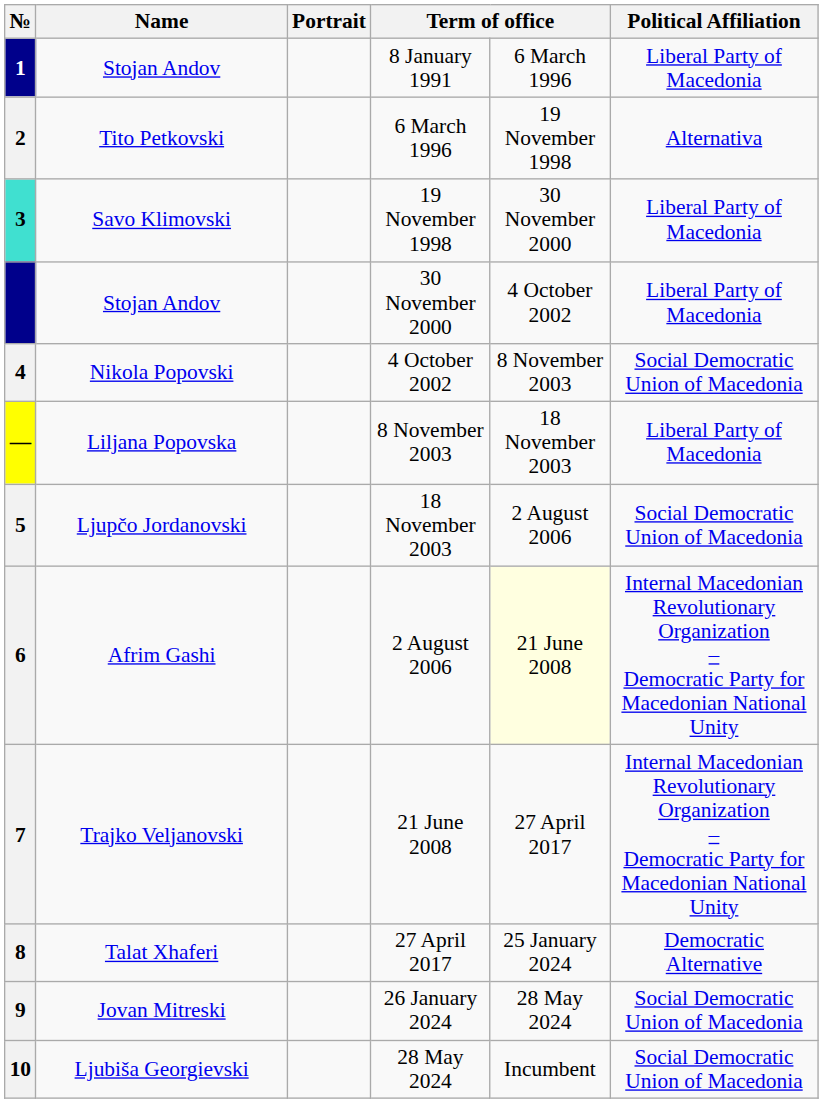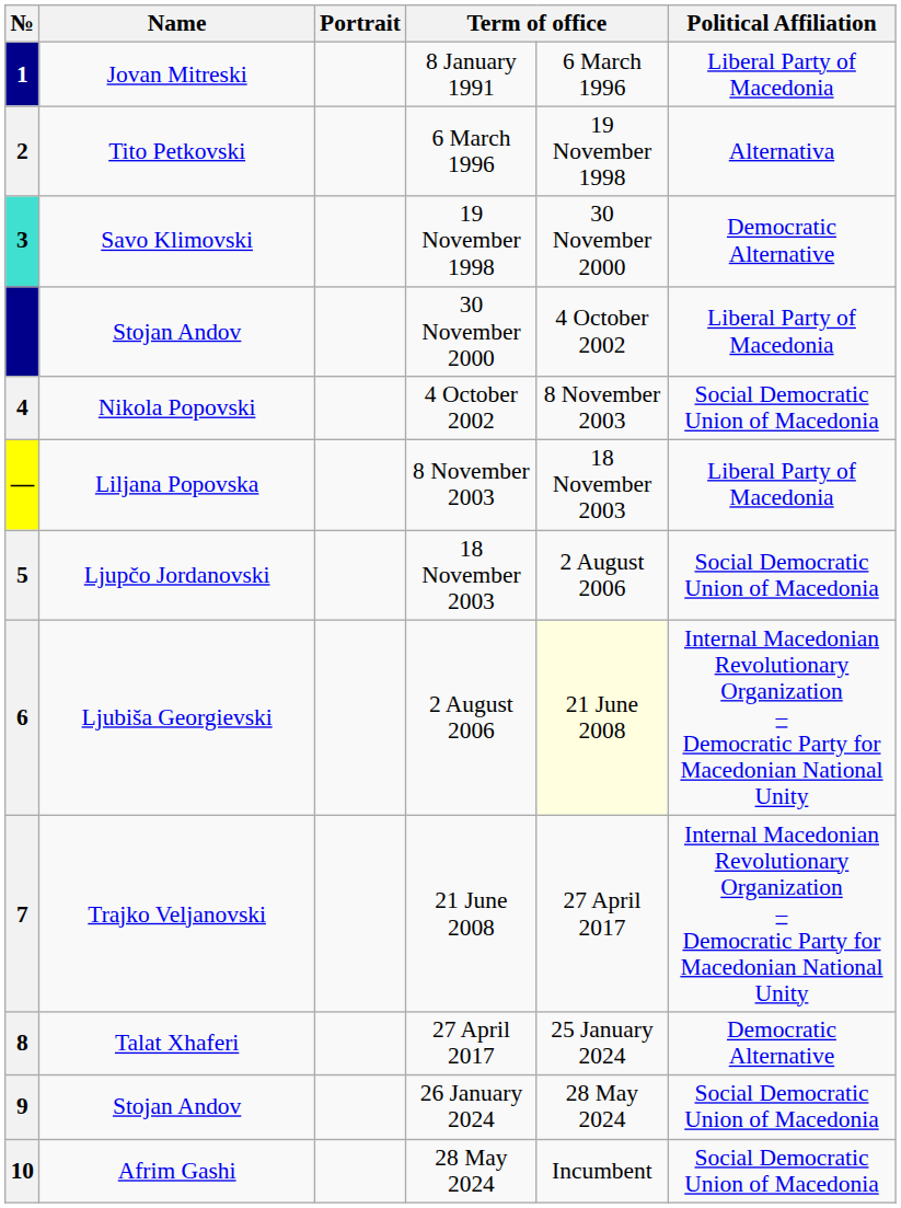 <table class="wikitable" style="text-align:center">
 <tr>
 <th>№</th>
 <th width=180>Name<br></th>
 <th>Portrait</th>
 <th colspan=2>Term of office</th>
 <th>Political Affiliation</th>
 </tr>
 <tr>
 <th style="background:Darkblue; color:white;">1</th>
-<td><a href='#'>Stojan Andov</a><br></td>
+<td><a href='#'>Jovan Mitreski</a><br></td>
 <td></td>
 <td>8 January 1991</td>
 <td>6 March 1996</td>
 <td><a href='#'>Liberal Party of Macedonia</a></td>
 </tr>
 <tr>
 <th style="background:">2</th>
 <td><a href='#'>Tito Petkovski</a><br></td>
 <td></td>
 <td>6 March 1996</td>
 <td>19 November 1998</td>
 <td><a href='#'>Alternativa</a></td>
 </tr>
 <tr>
 <th style="background:Turquoise; color:black;">3</th>
 <td><a href='#'>Savo Klimovski</a><br></td>
 <td></td>
 <td>19 November 1998</td>
 <td>30 November 2000</td>
-<td><a href='#'>Liberal Party of Macedonia</a></td>
+<td><a href='#'>Democratic Alternative</a></td>
 </tr>
 <tr>
 <th style="background:Darkblue; color:white;"></th>
 <td><a href='#'>Stojan Andov</a><br></td>
 <td></td>
 <td>30 November 2000</td>
 <td>4 October 2002</td>
 <td><a href='#'>Liberal Party of Macedonia</a></td>
 </tr>
 <tr>
 <th style="background:">4</th>
 <td><a href='#'>Nikola Popovski</a><br></td>
 <td></td>
 <td>4 October 2002</td>
 <td>8 November 2003</td>
 <td><a href='#'>Social Democratic Union of Macedonia</a></td>
 </tr>
 <tr>
 <th style="background:Yellow; color:black;">—</th>
 <td><a href='#'>Liljana Popovska</a><br></td>
 <td></td>
 <td>8 November 2003</td>
 <td>18 November 2003</td>
 <td><a href='#'>Liberal Party of Macedonia</a></td>
 </tr>
 <tr>
 <th style="background:">5</th>
 <td><a href='#'>Ljupčo Jordanovski</a><br></td>
 <td></td>
 <td>18 November 2003</td>
 <td>2 August 2006</td>
 <td><a href='#'>Social Democratic Union of Macedonia</a></td>
 </tr>
 <tr>
 <th style="background:">6</th>
-<td><a href='#'>Afrim Gashi</a><br></td>
+<td><a href='#'>Ljubiša Georgievski</a><br></td>
 <td></td>
 <td>2 August 2006</td>
 <td style="background: lightyellow;">21 June 2008</td>
 <td><a href='#'>Internal Macedonian Revolutionary Organization<br>–<br>Democratic Party for Macedonian National Unity</a></td>
 </tr>
 <tr>
 <th style="background:">7</th>
 <td><a href='#'>Trajko Veljanovski</a><br></td>
 <td></td>
 <td>21 June 2008</td>
 <td>27 April 2017</td>
 <td><a href='#'>Internal Macedonian Revolutionary Organization<br>–<br>Democratic Party for Macedonian National Unity</a></td>
 </tr>
 <tr>
 <th style="background:">8</th>
 <td><a href='#'>Talat Xhaferi</a><br></td>
 <td></td>
 <td>27 April 2017</td>
 <td>25 January 2024</td>
 <td><a href='#'>Democratic Alternative</a></td>
 </tr>
 <tr>
 <th style="background:">9</th>
-<td><a href='#'>Jovan Mitreski</a><br></td>
+<td><a href='#'>Stojan Andov</a><br></td>
 <td></td>
 <td>26 January 2024</td>
 <td>28 May 2024</td>
 <td><a href='#'>Social Democratic Union of Macedonia</a></td>
 </tr>
 <tr>
 <th style="background:">10</th>
-<td><a href='#'>Ljubiša Georgievski</a><br></td>
+<td><a href='#'>Afrim Gashi</a><br></td>
 <td></td>
 <td>28 May 2024</td>
 <td>Incumbent</td>
 <td><a href='#'>Social Democratic Union of Macedonia</a></td>
 </tr>
 </table>
